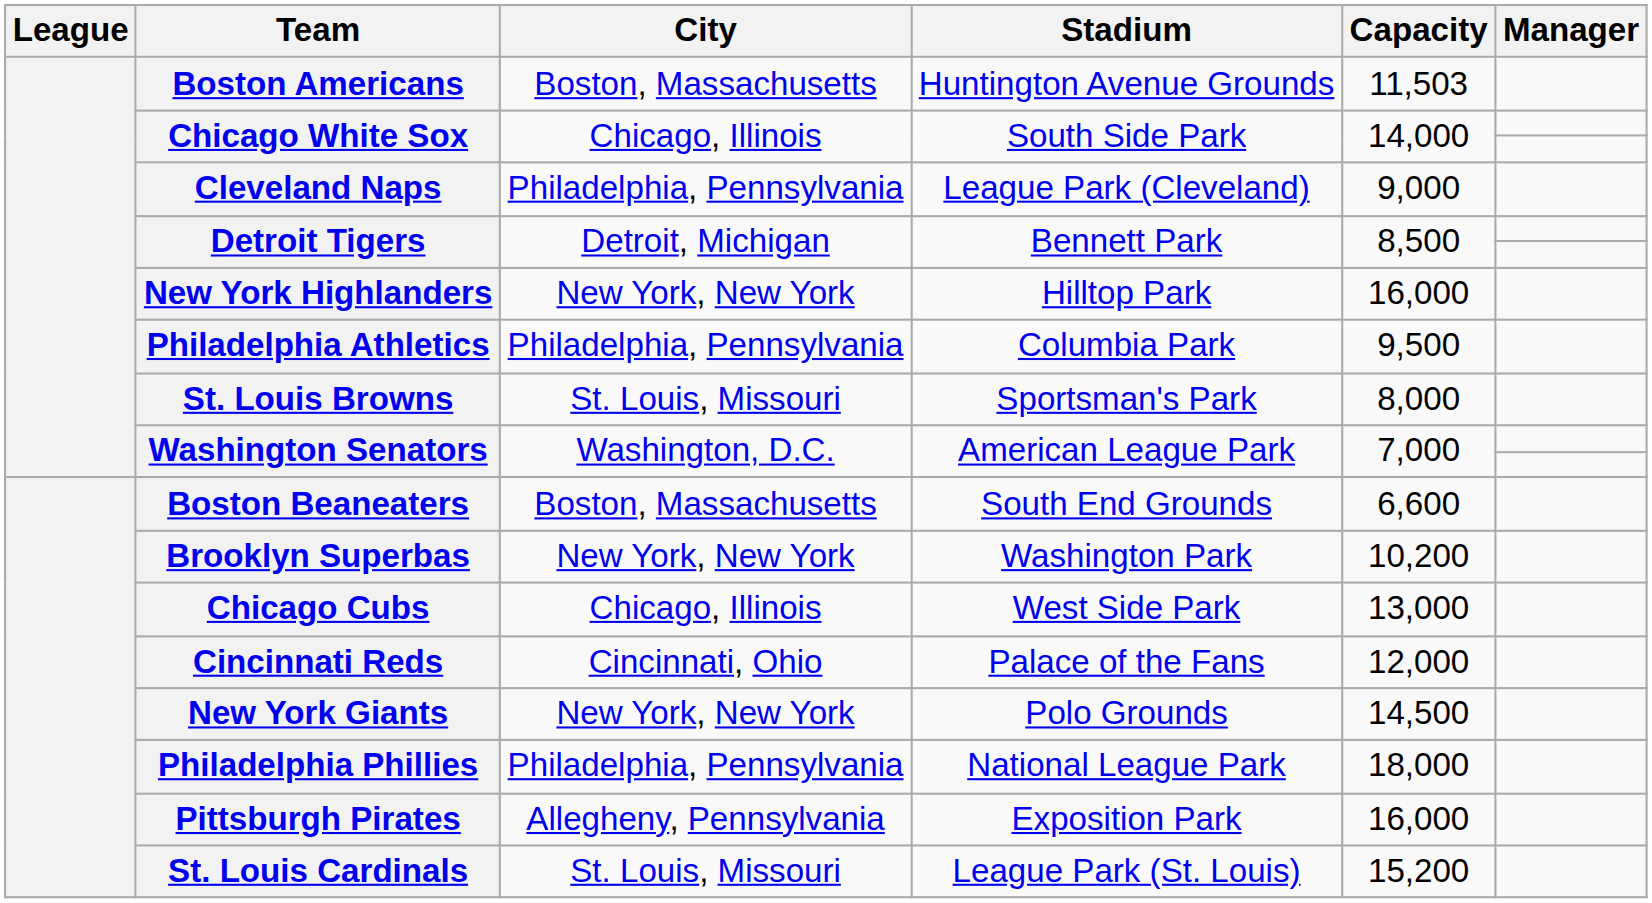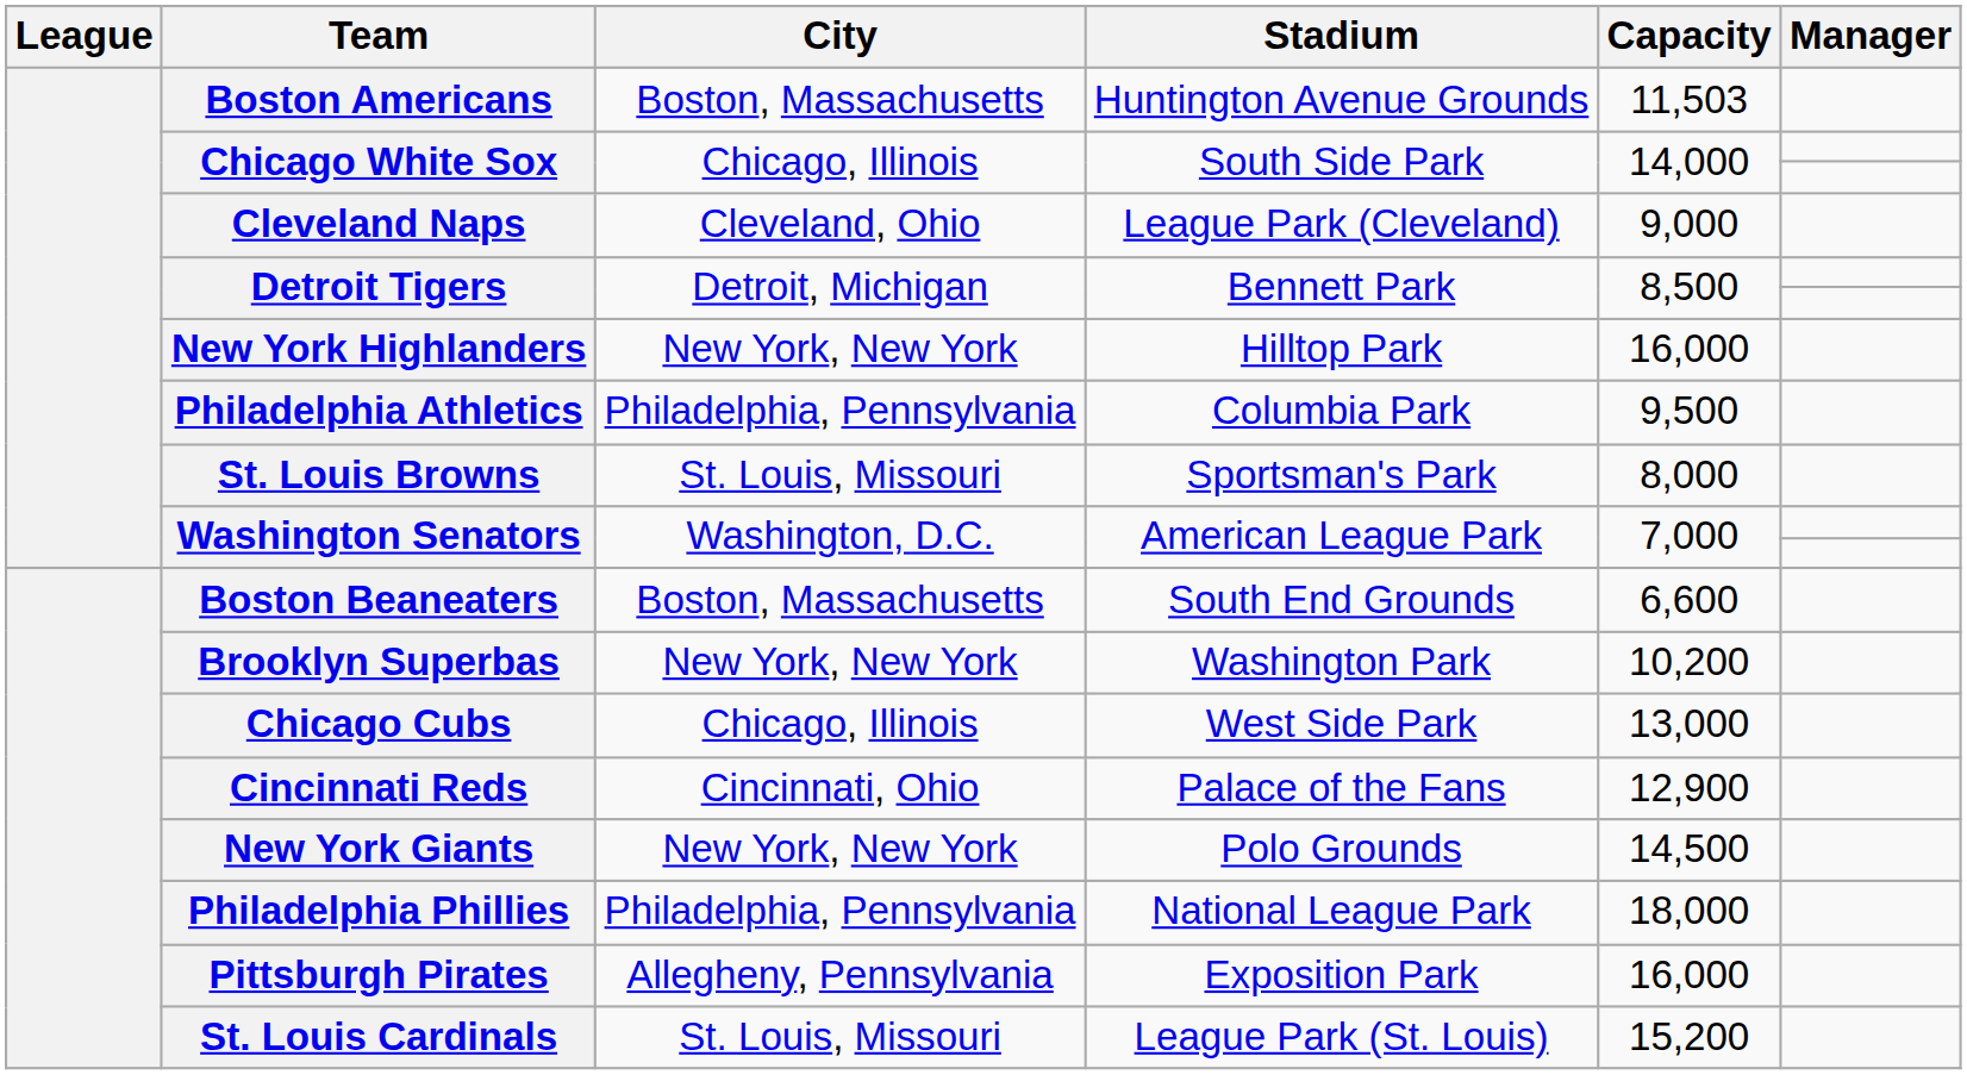 <table class="wikitable sortable plainrowheaders" style="text-align:center;">
 <tr>
 <th scope="col">League</th>
 <th scope="col">Team</th>
 <th scope="col">City</th>
 <th scope="col">Stadium</th>
 <th scope="col">Capacity</th>
 <th scope="col">Manager</th>
 </tr>
 <tr>
 <th rowspan="11"></th>
 <th scope="row"><a href='#'>Boston Americans</a></th>
 <td><a href='#'>Boston</a>, <a href='#'>Massachusetts</a></td>
 <td><a href='#'>Huntington Avenue Grounds</a></td>
 <td>11,503</td>
 <td></td>
 </tr>
 <tr>
 <th rowspan="2" scope="row"><a href='#'>Chicago White Sox</a></th>
 <td rowspan="2"><a href='#'>Chicago</a>, <a href='#'>Illinois</a></td>
 <td rowspan="2"><a href='#'>South Side Park</a></td>
 <td rowspan="2">14,000</td>
 <td></td>
 </tr>
 <tr>
 <td></td>
 </tr>
 <tr>
 <th scope="row"><a href='#'>Cleveland Naps</a></th>
-<td><a href='#'>Philadelphia</a>, <a href='#'>Pennsylvania</a></td>
+<td><a href='#'>Cleveland</a>, <a href='#'>Ohio</a></td>
 <td><a href='#'>League Park (Cleveland)</a></td>
 <td>9,000</td>
 <td></td>
 </tr>
 <tr>
 <th rowspan="2" scope="row"><a href='#'>Detroit Tigers</a></th>
 <td rowspan="2"><a href='#'>Detroit</a>, <a href='#'>Michigan</a></td>
 <td rowspan="2"><a href='#'>Bennett Park</a></td>
 <td rowspan="2">8,500</td>
 <td></td>
 </tr>
 <tr>
 <td></td>
 </tr>
 <tr>
 <th scope="row"><a href='#'>New York Highlanders</a></th>
 <td><a href='#'>New York</a>, <a href='#'>New York</a></td>
 <td><a href='#'>Hilltop Park</a></td>
 <td>16,000</td>
 <td></td>
 </tr>
 <tr>
 <th scope="row"><a href='#'>Philadelphia Athletics</a></th>
 <td><a href='#'>Philadelphia</a>, <a href='#'>Pennsylvania</a></td>
 <td><a href='#'>Columbia Park</a></td>
 <td>9,500</td>
 <td></td>
 </tr>
 <tr>
 <th scope="row"><a href='#'>St. Louis Browns</a></th>
 <td><a href='#'>St. Louis</a>, <a href='#'>Missouri</a></td>
 <td><a href='#'>Sportsman's Park</a></td>
 <td>8,000</td>
 <td></td>
 </tr>
 <tr>
 <th rowspan="2" scope="row"><a href='#'>Washington Senators</a></th>
 <td rowspan="2"><a href='#'>Washington, D.C.</a></td>
 <td rowspan="2"><a href='#'>American League Park</a></td>
 <td rowspan="2">7,000</td>
 <td></td>
 </tr>
 <tr>
 <td></td>
 </tr>
 <tr>
 <th rowspan="8"></th>
 <th scope="row"><a href='#'>Boston Beaneaters</a></th>
 <td><a href='#'>Boston</a>, <a href='#'>Massachusetts</a></td>
 <td><a href='#'>South End Grounds</a></td>
 <td>6,600</td>
 <td></td>
 </tr>
 <tr>
 <th scope="row"><a href='#'>Brooklyn Superbas</a></th>
 <td><a href='#'>New York</a>, <a href='#'>New York</a></td>
 <td><a href='#'>Washington Park</a></td>
 <td>10,200</td>
 <td></td>
 </tr>
 <tr>
 <th scope="row"><a href='#'>Chicago Cubs</a></th>
 <td><a href='#'>Chicago</a>, <a href='#'>Illinois</a></td>
 <td><a href='#'>West Side Park</a></td>
 <td>13,000</td>
 <td></td>
 </tr>
 <tr>
 <th scope="row"><a href='#'>Cincinnati Reds</a></th>
 <td><a href='#'>Cincinnati</a>, <a href='#'>Ohio</a></td>
 <td><a href='#'>Palace of the Fans</a></td>
-<td>12,000</td>
+<td>12,900</td>
 <td></td>
 </tr>
 <tr>
 <th scope="row"><a href='#'>New York Giants</a></th>
 <td><a href='#'>New York</a>, <a href='#'>New York</a></td>
 <td><a href='#'>Polo Grounds</a></td>
 <td>14,500</td>
 <td></td>
 </tr>
 <tr>
 <th scope="row"><a href='#'>Philadelphia Phillies</a></th>
 <td><a href='#'>Philadelphia</a>, <a href='#'>Pennsylvania</a></td>
 <td><a href='#'>National League Park</a></td>
 <td>18,000</td>
 <td></td>
 </tr>
 <tr>
 <th scope="row"><a href='#'>Pittsburgh Pirates</a></th>
 <td><a href='#'>Allegheny</a>, <a href='#'>Pennsylvania</a></td>
 <td><a href='#'>Exposition Park</a></td>
 <td>16,000</td>
 <td></td>
 </tr>
 <tr>
 <th scope="row"><a href='#'>St. Louis Cardinals</a></th>
 <td><a href='#'>St. Louis</a>, <a href='#'>Missouri</a></td>
 <td><a href='#'>League Park (St. Louis)</a></td>
 <td>15,200</td>
 <td></td>
 </tr>
 </table>
